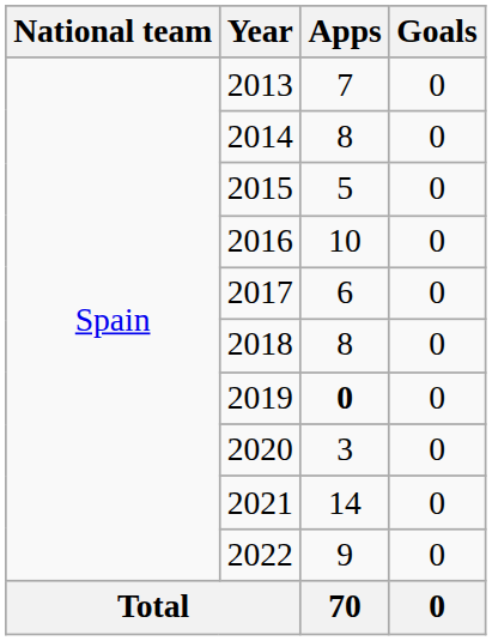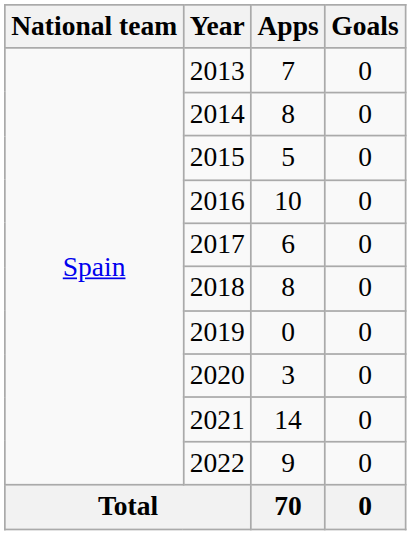 <table class="wikitable" style="text-align:center">
 <tr>
 <th>National team</th>
 <th>Year</th>
 <th>Apps</th>
 <th>Goals</th>
 </tr>
 <tr>
 <td rowspan="10"><a href='#'>Spain</a></td>
 <td>2013</td>
 <td>7</td>
 <td>0</td>
 </tr>
 <tr>
 <td>2014</td>
 <td>8</td>
 <td>0</td>
 </tr>
 <tr>
 <td>2015</td>
 <td>5</td>
 <td>0</td>
 </tr>
 <tr>
 <td>2016</td>
 <td>10</td>
 <td>0</td>
 </tr>
 <tr>
 <td>2017</td>
 <td>6</td>
 <td>0</td>
 </tr>
 <tr>
 <td>2018</td>
 <td>8</td>
 <td>0</td>
 </tr>
 <tr>
 <td>2019</td>
-<td><strong>0</strong></td>
+<td>0</td>
 <td>0</td>
 </tr>
 <tr>
 <td>2020</td>
 <td>3</td>
 <td>0</td>
 </tr>
 <tr>
 <td>2021</td>
 <td>14</td>
 <td>0</td>
 </tr>
 <tr>
 <td>2022</td>
 <td>9</td>
 <td>0</td>
 </tr>
 <tr>
 <th colspan="2">Total</th>
 <th>70</th>
 <th>0</th>
 </tr>
 </table>
